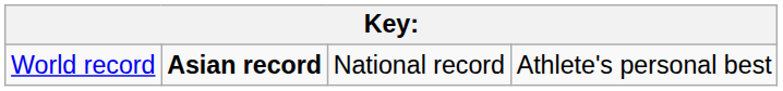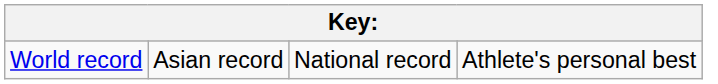 <table class="wikitable">
 <tr>
 <th colspan=4>Key:</th>
 </tr>
 <tr>
 <td><a href='#'>World record</a></td>
-<td><strong>Asian record</strong></td>
+<td>Asian record</td>
 <td>National record</td>
 <td>Athlete's personal best</td>
 </tr>
 </table>
